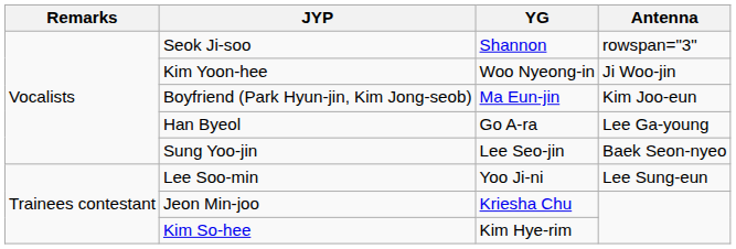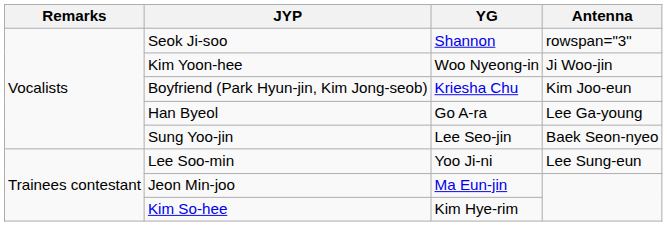 <table class="wikitable">
 <tr>
 <th>Remarks</th>
 <th>JYP</th>
 <th>YG</th>
 <th>Antenna</th>
 </tr>
 <tr>
 <td rowspan="5">Vocalists</td>
 <td>Seok Ji-soo</td>
 <td><a href='#'>Shannon</a></td>
 <td>rowspan="3" </td>
 </tr>
 <tr>
 <td>Kim Yoon-hee</td>
 <td>Woo Nyeong-in</td>
 <td>Ji Woo-jin</td>
 </tr>
 <tr>
 <td>Boyfriend (Park Hyun-jin, Kim Jong-seob)</td>
-<td><a href='#'>Ma Eun-jin</a></td>
+<td><a href='#'>Kriesha Chu</a></td>
 <td>Kim Joo-eun</td>
 </tr>
 <tr>
 <td>Han Byeol</td>
 <td>Go A-ra</td>
 <td>Lee Ga-young</td>
 </tr>
 <tr>
 <td>Sung Yoo-jin</td>
 <td>Lee Seo-jin</td>
 <td>Baek Seon-nyeo</td>
 </tr>
 <tr>
 <td rowspan="3">Trainees contestant</td>
 <td>Lee Soo-min</td>
 <td>Yoo Ji-ni</td>
 <td>Lee Sung-eun</td>
 </tr>
 <tr>
 <td>Jeon Min-joo</td>
-<td><a href='#'>Kriesha Chu</a></td>
+<td><a href='#'>Ma Eun-jin</a></td>
 </tr>
 <tr>
 <td><a href='#'>Kim So-hee</a></td>
 <td>Kim Hye-rim</td>
 </tr>
 </table>
